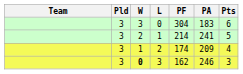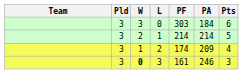 <table class="wikitable" style="text-align:center;">
 <tr>
 <th width=170>Team</th>
 <th width=25>Pld</th>
 <th width=25>W</th>
 <th width=25>L</th>
 <th width=35>PF</th>
 <th width=35>PA</th>
 <th width=25>Pts</th>
 </tr>
 <tr bgcolor=#ccffcc>
 <td align="left"></td>
 <td>3</td>
 <td>3</td>
 <td>0</td>
-<td>304</td>
-<td>183</td>
+<td>303</td>
+<td>184</td>
 <td>6</td>
 </tr>
 <tr bgcolor=#ccffcc>
 <td align="left"></td>
 <td>3</td>
 <td>2</td>
 <td>1</td>
 <td>214</td>
-<td>241</td>
+<td>214</td>
 <td>5</td>
 </tr>
 <tr bgcolor=#F4FA58>
 <td align="left"></td>
 <td>3</td>
 <td>1</td>
 <td>2</td>
 <td>174</td>
 <td>209</td>
 <td>4</td>
 </tr>
 <tr bgcolor=#F4FA58>
 <td align="left"></td>
 <td>3</td>
 <td><strong>0</strong></td>
 <td>3</td>
-<td>162</td>
+<td>161</td>
 <td>246</td>
 <td>3</td>
 </tr>
 </table>
